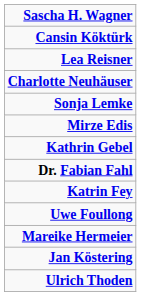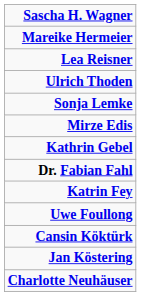 <table class="wikitable sortable" style="text-align:right">
 <tr>
 <td><strong><a href='#'>Sascha H. Wagner</a></strong></td>
 </tr>
 <tr>
-<td><strong><a href='#'>Cansin Köktürk</a></strong></td>
+<td><strong><a href='#'>Mareike Hermeier</a></strong></td>
 </tr>
 <tr>
 <td><strong><a href='#'>Lea Reisner</a></strong></td>
 </tr>
 <tr>
-<td><strong><a href='#'>Charlotte Neuhäuser</a></strong></td>
+<td><strong><a href='#'>Ulrich Thoden</a></strong></td>
 </tr>
 <tr>
 <td><strong><a href='#'>Sonja Lemke</a></strong></td>
 </tr>
 <tr>
 <td><strong><a href='#'>Mirze Edis</a></strong></td>
 </tr>
 <tr>
 <td><strong><a href='#'>Kathrin Gebel</a></strong></td>
 </tr>
 <tr>
 <td><strong>Dr. <a href='#'>Fabian Fahl</a></strong></td>
 </tr>
 <tr>
 <td><strong><a href='#'>Katrin Fey</a></strong></td>
 </tr>
 <tr>
 <td><strong><a href='#'>Uwe Foullong</a></strong></td>
 </tr>
 <tr>
-<td><strong><a href='#'>Mareike Hermeier</a></strong></td>
+<td><strong><a href='#'>Cansin Köktürk</a></strong></td>
 </tr>
 <tr>
 <td><strong><a href='#'>Jan Köstering</a></strong></td>
 </tr>
 <tr>
-<td><strong><a href='#'>Ulrich Thoden</a></strong></td>
+<td><strong><a href='#'>Charlotte Neuhäuser</a></strong></td>
 </tr>
 </table>
